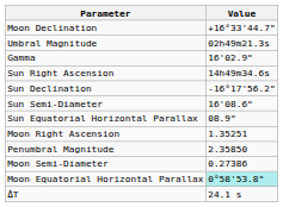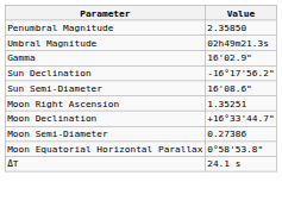 <table class="wikitable">
 <tr>
 <th>Parameter</th>
 <th>Value</th>
 </tr>
 <tr>
-<td>Moon Declination</td>
-<td>+16°33'44.7"</td>
+<td>Penumbral Magnitude</td>
+<td>2.35850</td>
 </tr>
 <tr>
 <td>Umbral Magnitude</td>
 <td>02h49m21.3s</td>
 </tr>
 <tr>
 <td>Gamma</td>
 <td>16'02.9"</td>
 </tr>
 <tr>
-<td>Sun Right Ascension</td>
-<td>14h49m34.6s</td>
-</tr>
-<tr>
 <td>Sun Declination</td>
 <td>-16°17'56.2"</td>
 </tr>
 <tr>
 <td>Sun Semi-Diameter</td>
 <td>16'08.6"</td>
 </tr>
 <tr>
-<td>Sun Equatorial Horizontal Parallax</td>
-<td>08.9"</td>
-</tr>
-<tr>
 <td>Moon Right Ascension</td>
 <td>1.35251</td>
 </tr>
 <tr>
-<td>Penumbral Magnitude</td>
-<td>2.35850</td>
+<td>Moon Declination</td>
+<td>+16°33'44.7"</td>
 </tr>
 <tr>
 <td>Moon Semi-Diameter</td>
 <td>0.27386</td>
 </tr>
 <tr>
 <td>Moon Equatorial Horizontal Parallax</td>
-<td style="background: paleturquoise;">0°58'53.8"</td>
+<td>0°58'53.8"</td>
 </tr>
 <tr>
 <td>ΔT</td>
 <td>24.1 s</td>
 </tr>
 </table>
